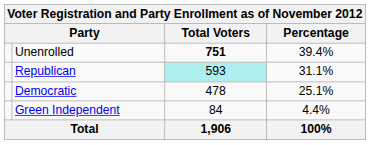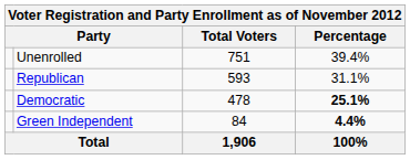 <table class=wikitable>
 <tr>
 <th colspan = 6>Voter Registration and Party Enrollment as of November 2012</th>
 </tr>
 <tr>
 <th colspan = 2>Party</th>
 <th>Total Voters</th>
 <th>Percentage</th>
 </tr>
 <tr>
 <td></td>
 <td>Unenrolled</td>
-<td align = center><strong>751</strong></td>
+<td align = center>751</td>
 <td align = center>39.4%</td>
 </tr>
 <tr>
 <td></td>
 <td><a href='#'>Republican</a></td>
-<td align = center style="background: paleturquoise;">593</td>
+<td align = center>593</td>
 <td align = center>31.1%</td>
 </tr>
 <tr>
 <td></td>
 <td><a href='#'>Democratic</a></td>
 <td align = center>478</td>
-<td align = center>25.1%</td>
+<td align = center><strong>25.1%</strong></td>
 </tr>
 <tr>
 <td></td>
 <td><a href='#'>Green Independent</a></td>
 <td align = center>84</td>
-<td align = center>4.4%</td>
+<td align = center><strong>4.4%</strong></td>
 </tr>
 <tr>
 <th colspan = 2>Total</th>
 <th align = center>1,906</th>
 <th align = center>100%</th>
 </tr>
 </table>
